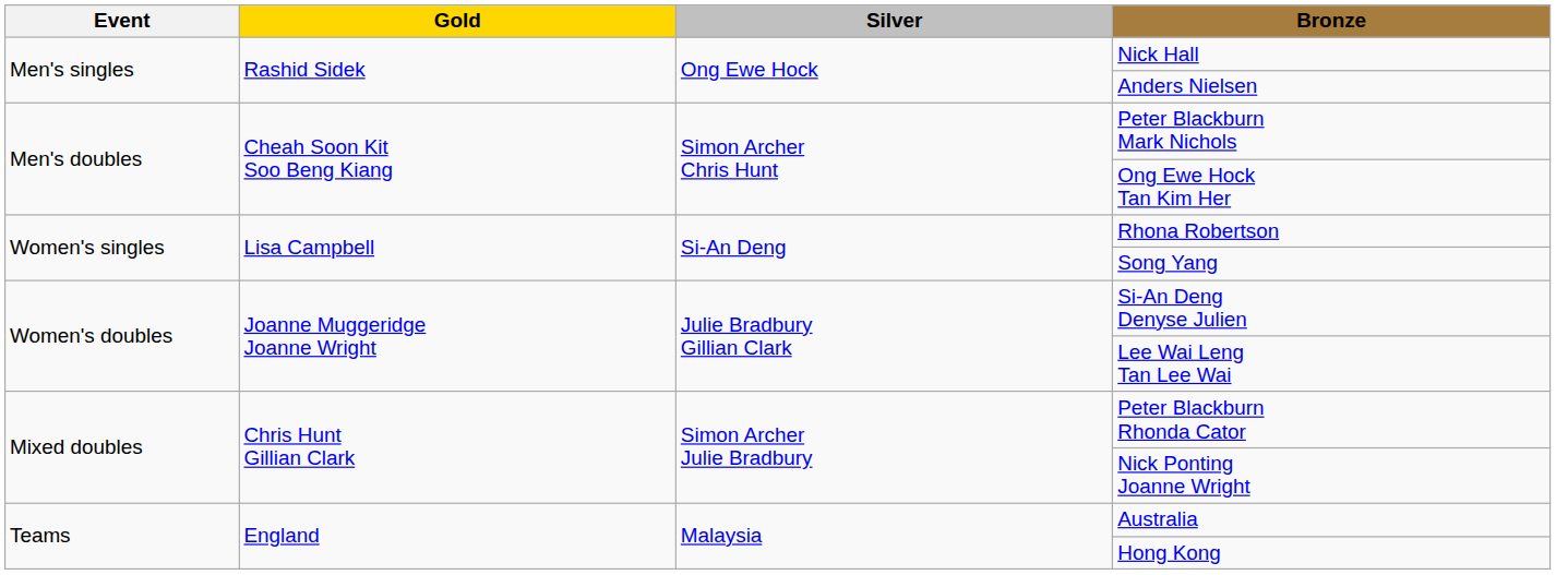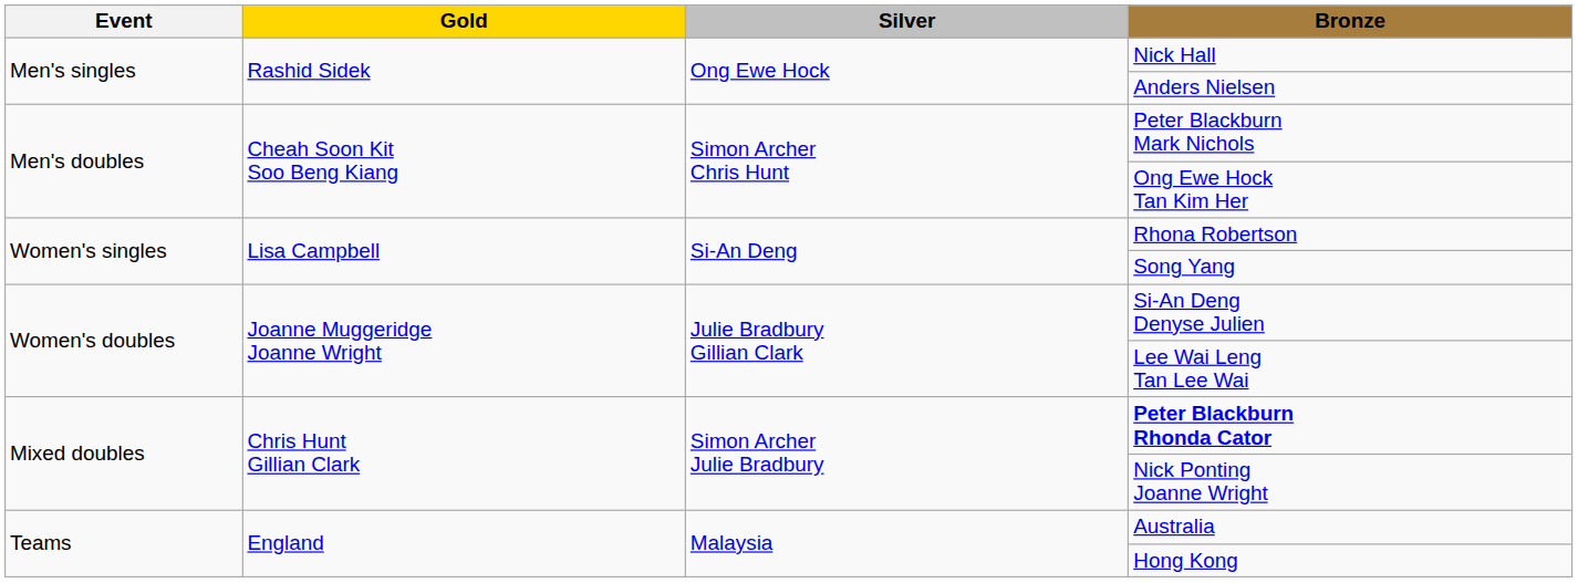 <table class="wikitable" style="width:95%;">
 <tr>
 <th style="width:15%;"><strong>Event</strong></th>
 <th style="background:gold; width:28%;">Gold</th>
 <th style="background:silver; width:28%;">Silver</th>
 <th style="background:#a67d3d; width:28%;">Bronze</th>
 </tr>
 <tr>
 <td rowspan="2">Men's singles</td>
 <td rowspan="2"> <a href='#'>Rashid Sidek</a></td>
 <td rowspan="2"> <a href='#'>Ong Ewe Hock</a></td>
 <td> <a href='#'>Nick Hall</a></td>
 </tr>
 <tr>
 <td> <a href='#'>Anders Nielsen</a></td>
 </tr>
 <tr>
 <td rowspan="2">Men's doubles</td>
 <td rowspan="2"> <a href='#'>Cheah Soon Kit</a> <br> <a href='#'>Soo Beng Kiang</a></td>
 <td rowspan="2"> <a href='#'>Simon Archer</a> <br>  <a href='#'>Chris Hunt</a></td>
 <td> <a href='#'>Peter Blackburn</a> <br> <a href='#'>Mark Nichols</a></td>
 </tr>
 <tr>
 <td> <a href='#'>Ong Ewe Hock</a> <br> <a href='#'>Tan Kim Her</a></td>
 </tr>
 <tr>
 <td rowspan="2">Women's singles</td>
 <td rowspan="2"> <a href='#'>Lisa Campbell</a></td>
 <td rowspan="2"> <a href='#'>Si-An Deng</a></td>
 <td> <a href='#'>Rhona Robertson</a></td>
 </tr>
 <tr>
 <td> <a href='#'>Song Yang</a></td>
 </tr>
 <tr>
 <td rowspan="2">Women's doubles</td>
 <td rowspan="2"> <a href='#'>Joanne Muggeridge</a> <br> <a href='#'>Joanne Wright</a></td>
 <td rowspan="2"> <a href='#'>Julie Bradbury</a> <br>  <a href='#'>Gillian Clark</a></td>
 <td> <a href='#'>Si-An Deng</a> <br>  <a href='#'>Denyse Julien</a></td>
 </tr>
 <tr>
 <td> <a href='#'>Lee Wai Leng</a> <br> <a href='#'>Tan Lee Wai</a></td>
 </tr>
 <tr>
 <td rowspan="2">Mixed doubles</td>
 <td rowspan="2"> <a href='#'>Chris Hunt</a><br> <a href='#'>Gillian Clark</a></td>
 <td rowspan="2"> <a href='#'>Simon Archer</a><br>  <a href='#'>Julie Bradbury</a></td>
-<td> <a href='#'>Peter Blackburn</a><br> <a href='#'>Rhonda Cator</a></td>
+<td><strong> <a href='#'>Peter Blackburn</a><br> <a href='#'>Rhonda Cator</a></strong></td>
 </tr>
 <tr>
 <td> <a href='#'>Nick Ponting</a><br>  <a href='#'>Joanne Wright</a></td>
 </tr>
 <tr>
 <td rowspan="2">Teams</td>
 <td rowspan="2"> <a href='#'>England</a></td>
 <td rowspan="2"> <a href='#'>Malaysia</a></td>
 <td> <a href='#'>Australia</a></td>
 </tr>
 <tr>
 <td> <a href='#'>Hong Kong</a></td>
 </tr>
 </table>
